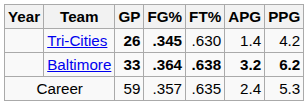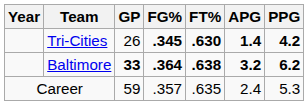 <table class="wikitable sortable" style="font-size:95%; text-align:right;">
 <tr>
 <th>Year</th>
 <th>Team</th>
 <th>GP</th>
 <th>FG%</th>
 <th>FT%</th>
 <th>APG</th>
 <th>PPG</th>
 </tr>
 <tr>
 <td style="text-align:left;"></td>
 <td style="text-align:left;"><a href='#'>Tri-Cities</a></td>
-<td><strong>26</strong></td>
+<td>26</td>
 <td><strong>.345</strong></td>
-<td>.630</td>
-<td>1.4</td>
-<td>4.2</td>
+<td><strong>.630</strong></td>
+<td><strong>1.4</strong></td>
+<td><strong>4.2</strong></td>
 </tr>
 <tr>
 <td style="text-align:left;"></td>
 <td style="text-align:left;"><a href='#'>Baltimore</a></td>
 <td><strong>33</strong></td>
 <td><strong>.364</strong></td>
 <td><strong>.638</strong></td>
 <td><strong>3.2</strong></td>
 <td><strong>6.2</strong></td>
 </tr>
 <tr>
 <td style="text-align:center;" colspan="2">Career</td>
 <td>59</td>
 <td>.357</td>
 <td>.635</td>
 <td>2.4</td>
 <td>5.3</td>
 </tr>
 </table>
